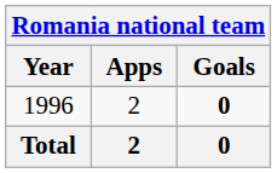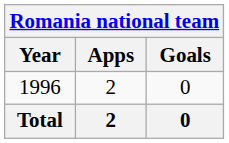 <table class="wikitable" style="text-align:center">
 <tr>
 <th colspan=3><a href='#'>Romania national team</a></th>
 </tr>
 <tr>
 <th>Year</th>
 <th>Apps</th>
 <th>Goals</th>
 </tr>
 <tr>
 <td>1996</td>
 <td>2</td>
-<td><strong>0</strong></td>
+<td>0</td>
 </tr>
 <tr>
 <th>Total</th>
 <th>2</th>
 <th>0</th>
 </tr>
 </table>
